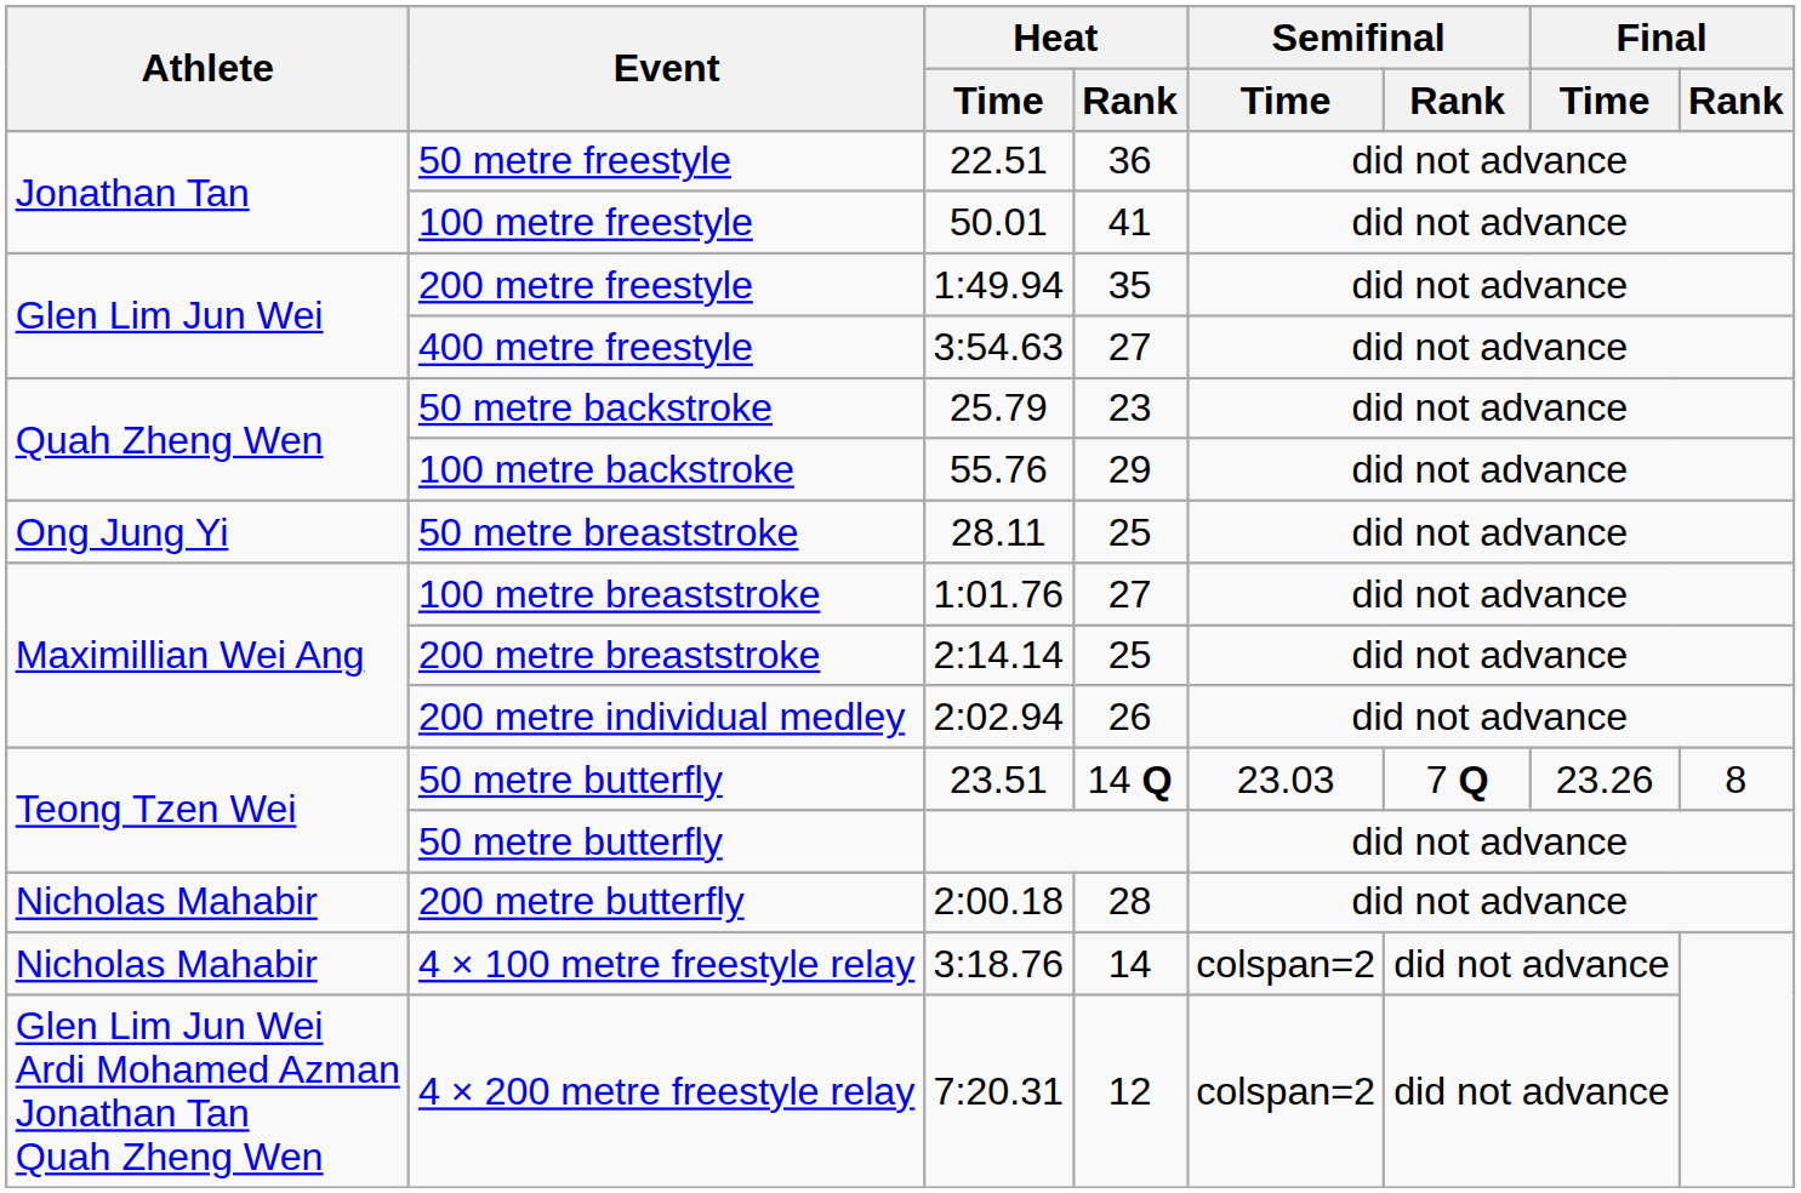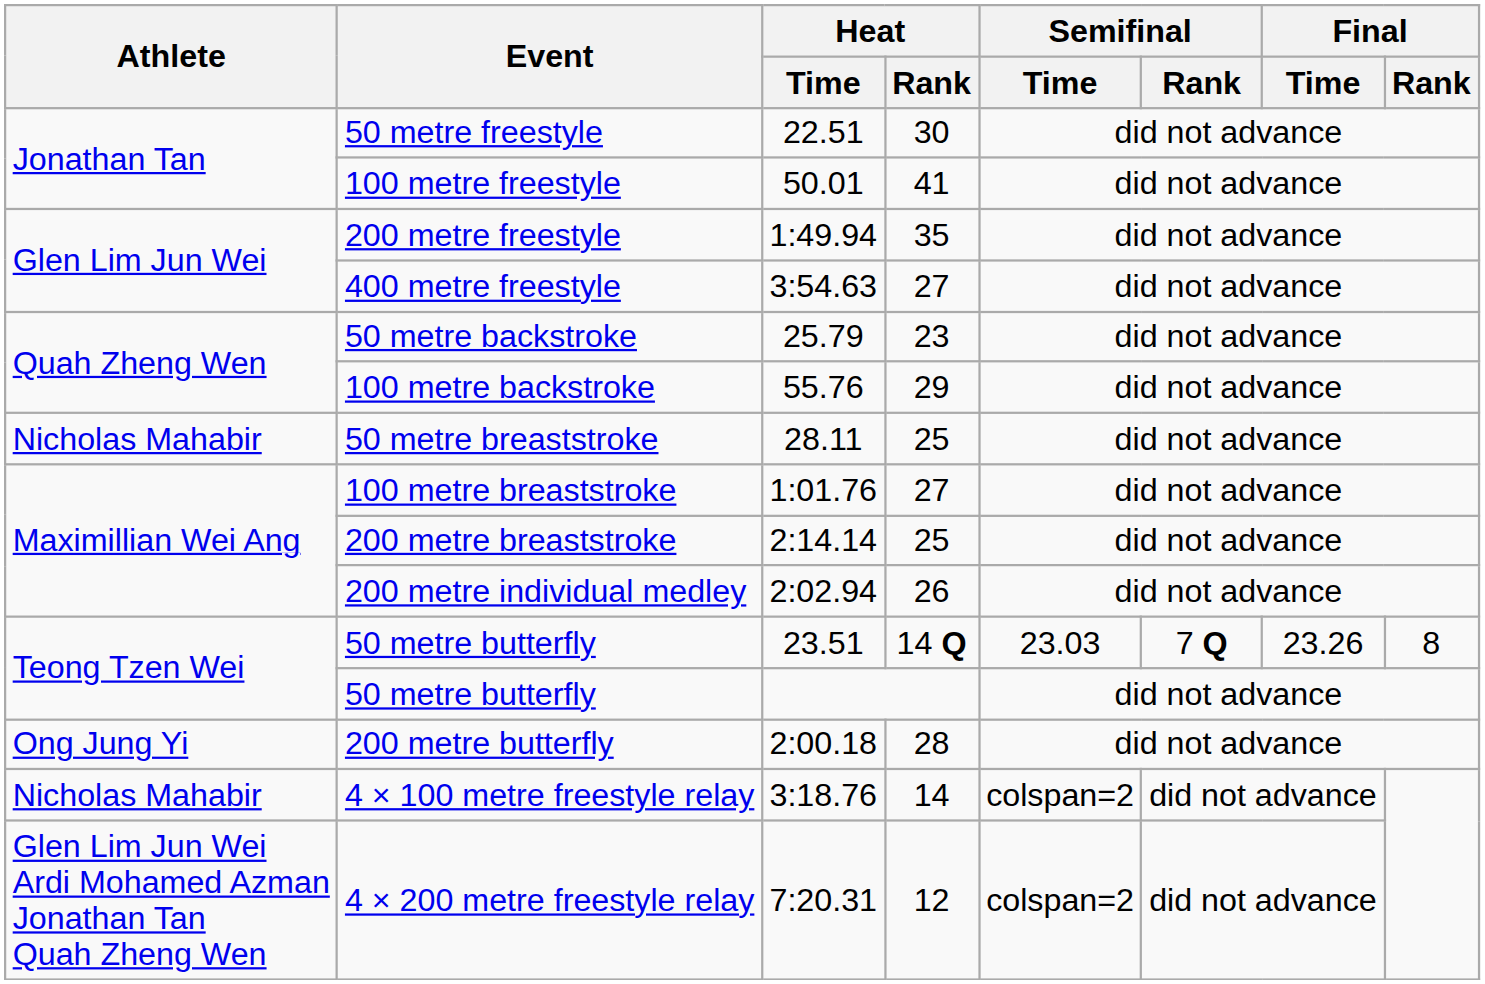 <table class="wikitable" style="font-size:90%;">
 <tr>
 <th rowspan="2">Athlete</th>
 <th rowspan="2">Event</th>
 <th colspan="2">Heat</th>
 <th colspan="2">Semifinal</th>
 <th colspan="2">Final</th>
 </tr>
 <tr>
 <th>Time</th>
 <th>Rank</th>
 <th>Time</th>
 <th>Rank</th>
 <th>Time</th>
 <th>Rank</th>
 </tr>
 <tr align="center">
 <td rowspan="2" align="left"><a href='#'>Jonathan Tan</a></td>
 <td align="left"><a href='#'>50 metre freestyle</a></td>
 <td>22.51</td>
-<td>36</td>
+<td>30</td>
 <td colspan=4>did not advance</td>
 </tr>
 <tr align="center">
 <td align="left"><a href='#'>100 metre freestyle</a></td>
 <td>50.01</td>
 <td>41</td>
 <td colspan=4>did not advance</td>
 </tr>
 <tr align="center">
 <td rowspan="2" align="left"><a href='#'>Glen Lim Jun Wei</a></td>
 <td align="left"><a href='#'>200 metre freestyle</a></td>
 <td>1:49.94</td>
 <td>35</td>
 <td colspan=4>did not advance</td>
 </tr>
 <tr align="center">
 <td align="left"><a href='#'>400 metre freestyle</a></td>
 <td>3:54.63</td>
 <td>27</td>
 <td colspan=4>did not advance</td>
 </tr>
 <tr align="center">
 <td rowspan="2" align="left"><a href='#'>Quah Zheng Wen</a></td>
 <td align="left"><a href='#'>50 metre backstroke</a></td>
 <td>25.79</td>
 <td>23</td>
 <td colspan=4>did not advance</td>
 </tr>
 <tr align="center">
 <td align="left"><a href='#'>100 metre backstroke</a></td>
 <td>55.76</td>
 <td>29</td>
 <td colspan=4>did not advance</td>
 </tr>
 <tr align="center">
-<td align="left"><a href='#'>Ong Jung Yi</a></td>
+<td align="left"><a href='#'>Nicholas Mahabir</a></td>
 <td align="left"><a href='#'>50 metre breaststroke</a></td>
 <td>28.11</td>
 <td>25</td>
 <td colspan=4>did not advance</td>
 </tr>
 <tr align="center">
 <td rowspan="3" align="left"><a href='#'>Maximillian Wei Ang</a></td>
 <td align="left"><a href='#'>100 metre breaststroke</a></td>
 <td>1:01.76</td>
 <td>27</td>
 <td colspan=4>did not advance</td>
 </tr>
 <tr align="center">
 <td align="left"><a href='#'>200 metre breaststroke</a></td>
 <td>2:14.14</td>
 <td>25</td>
 <td colspan=4>did not advance</td>
 </tr>
 <tr align="center">
 <td align="left"><a href='#'>200 metre individual medley</a></td>
 <td>2:02.94</td>
 <td>26</td>
 <td colspan=4>did not advance</td>
 </tr>
 <tr align="center">
 <td rowspan="2" align="left"><a href='#'>Teong Tzen Wei</a></td>
 <td align="left"><a href='#'>50 metre butterfly</a></td>
 <td>23.51</td>
 <td>14 <strong>Q</strong></td>
 <td>23.03</td>
 <td>7 <strong>Q</strong></td>
 <td>23.26</td>
 <td>8</td>
 </tr>
 <tr align="center">
 <td align="left"><a href='#'>50 metre butterfly</a></td>
 <td colspan="2"></td>
 <td colspan=4>did not advance</td>
 </tr>
 <tr align="center">
-<td align="left"><a href='#'>Nicholas Mahabir</a></td>
+<td align="left"><a href='#'>Ong Jung Yi</a></td>
 <td align="left"><a href='#'>200 metre butterfly</a></td>
 <td>2:00.18</td>
 <td>28</td>
 <td colspan=4>did not advance</td>
 </tr>
 <tr align="center">
 <td align="left"><a href='#'>Nicholas Mahabir</a></td>
 <td align="left"><a href='#'>4 × 100 metre freestyle relay</a></td>
 <td>3:18.76</td>
 <td>14</td>
 <td>colspan=2 </td>
 <td colspan=2>did not advance</td>
 </tr>
 <tr align="center">
 <td align="left"><a href='#'>Glen Lim Jun Wei</a><br><a href='#'>Ardi Mohamed Azman</a><br><a href='#'>Jonathan Tan</a><br><a href='#'>Quah Zheng Wen</a></td>
 <td align="left"><a href='#'>4 × 200 metre freestyle relay</a></td>
 <td>7:20.31</td>
 <td>12</td>
 <td>colspan=2 </td>
 <td colspan=2>did not advance</td>
 </tr>
 </table>
